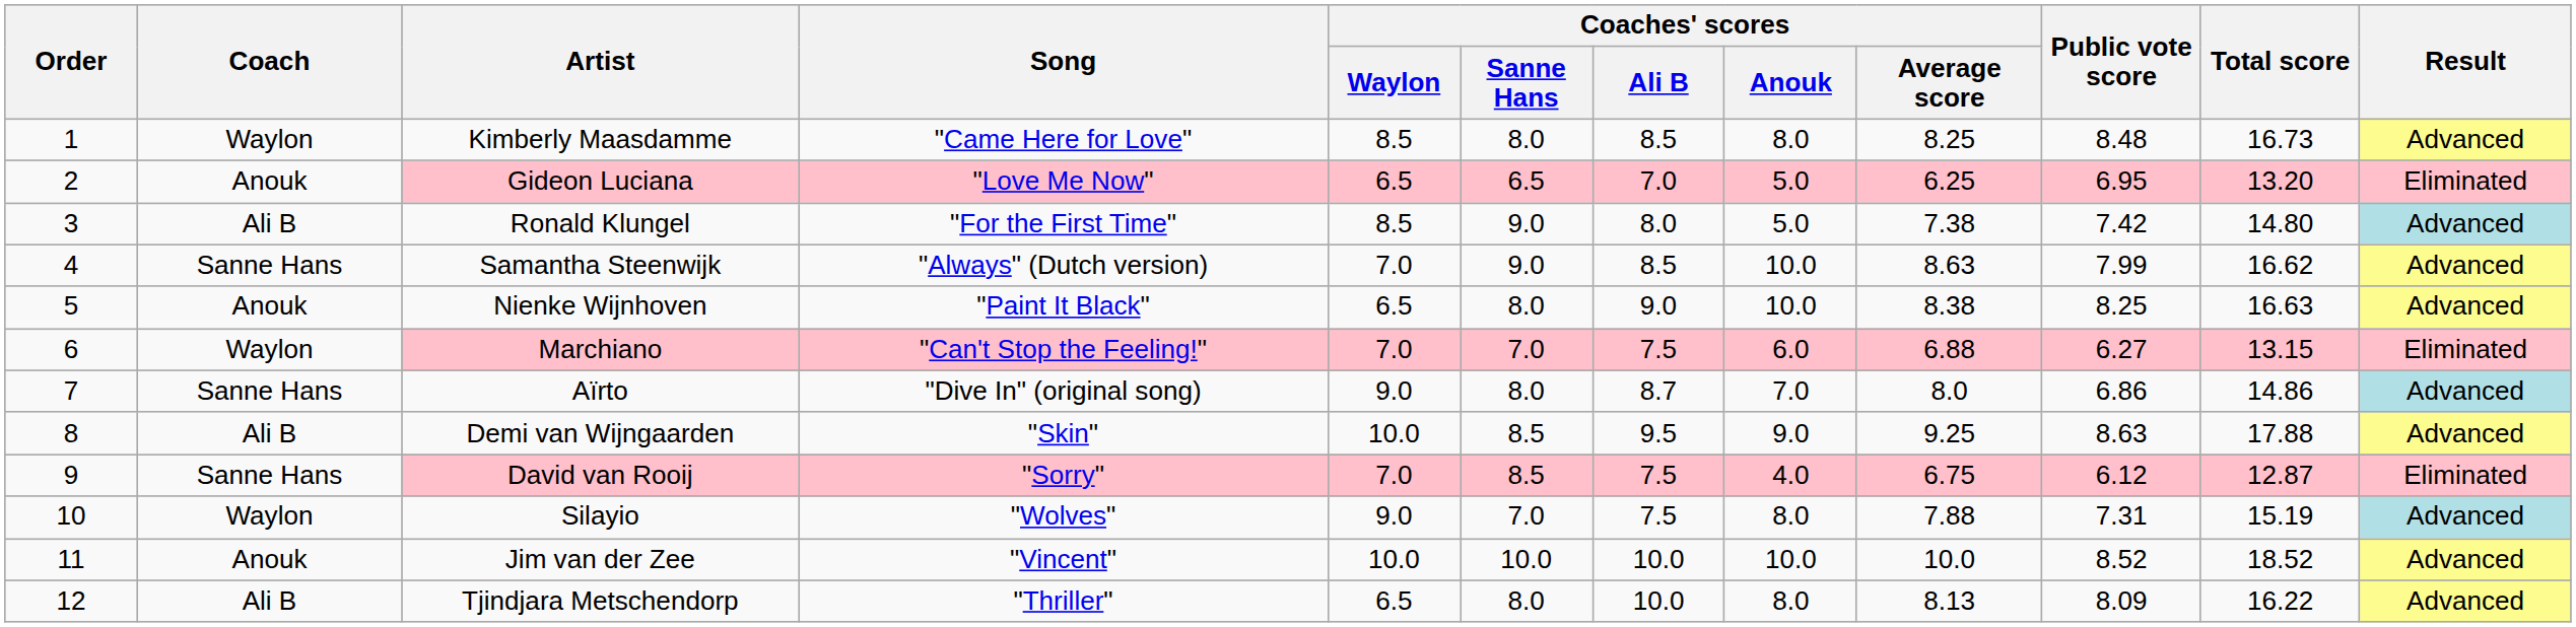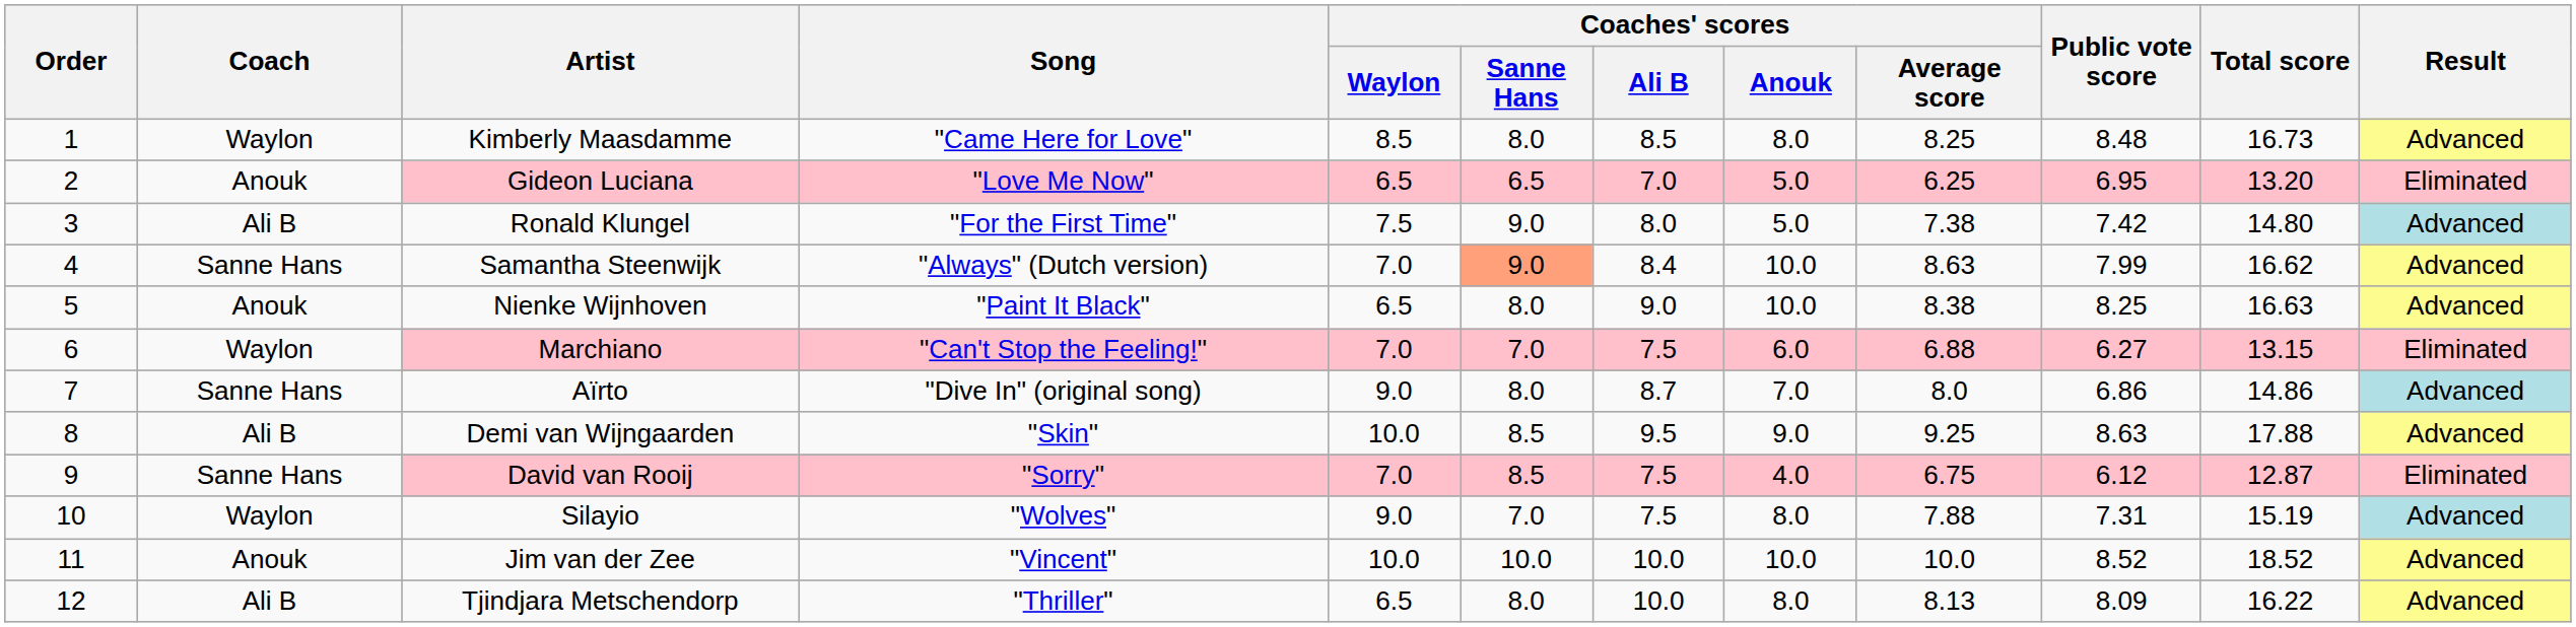 <table class="wikitable" style="text-align:center; width:98%;">
 <tr>
 <th scope="col" rowspan="2" style="width:05%;">Order</th>
 <th scope="col" rowspan="2" style="width:10%;">Coach</th>
 <th scope="col" rowspan="2" style="width:15%;">Artist</th>
 <th scope="col" rowspan="2" style="width:20%;">Song</th>
 <th scope="col" colspan="5" style="width:20%;">Coaches' scores</th>
 <th scope="col" rowspan="2" style="width:6%;">Public vote score</th>
 <th scope="col" rowspan="2" style="width:6%;">Total score</th>
 <th scope="col" rowspan="2" style="width:8%;">Result</th>
 </tr>
 <tr>
 <th style="width:5%;"><a href='#'>Waylon</a></th>
 <th style="width:5%;"><a href='#'>Sanne Hans</a></th>
 <th nowrap style="width:5%;"><a href='#'>Ali B</a></th>
 <th style="width:5%;"><a href='#'>Anouk</a></th>
 <th style="width:7%;">Average score</th>
 </tr>
 <tr>
 <td>1</td>
 <td>Waylon</td>
 <td>Kimberly Maasdamme</td>
 <td>"<a href='#'>Came Here for Love</a>"</td>
 <td>8.5</td>
 <td>8.0</td>
 <td>8.5</td>
 <td>8.0</td>
 <td>8.25</td>
 <td>8.48</td>
 <td>16.73</td>
 <td style="background:#fdfc8f;">Advanced</td>
 </tr>
 <tr>
 <td>2</td>
 <td>Anouk</td>
 <td style="background:pink;">Gideon Luciana</td>
 <td style="background:pink;">"<a href='#'>Love Me Now</a>"</td>
 <td style="background:pink;">6.5</td>
 <td style="background:pink;">6.5</td>
 <td style="background:pink;">7.0</td>
 <td style="background:pink;">5.0</td>
 <td style="background:pink;">6.25</td>
 <td style="background:pink;">6.95</td>
 <td style="background:pink;">13.20</td>
 <td style="background:pink;">Eliminated</td>
 </tr>
 <tr>
 <td>3</td>
 <td>Ali B</td>
 <td>Ronald Klungel</td>
 <td>"<a href='#'>For the First Time</a>"</td>
-<td>8.5</td>
+<td>7.5</td>
 <td>9.0</td>
 <td>8.0</td>
 <td>5.0</td>
 <td>7.38</td>
 <td>7.42</td>
 <td>14.80</td>
 <td style="background:#B0E0E6">Advanced</td>
 </tr>
 <tr>
 <td>4</td>
 <td>Sanne Hans</td>
 <td>Samantha Steenwijk</td>
 <td>"<a href='#'>Always</a>" (Dutch version)</td>
 <td>7.0</td>
-<td>9.0</td>
-<td>8.5</td>
+<td style="background: lightsalmon;">9.0</td>
+<td>8.4</td>
 <td>10.0</td>
 <td>8.63</td>
 <td>7.99</td>
 <td>16.62</td>
 <td style="background:#fdfc8f;">Advanced</td>
 </tr>
 <tr>
 <td>5</td>
 <td>Anouk</td>
 <td>Nienke Wijnhoven</td>
 <td>"<a href='#'>Paint It Black</a>"</td>
 <td>6.5</td>
 <td>8.0</td>
 <td>9.0</td>
 <td>10.0</td>
 <td>8.38</td>
 <td>8.25</td>
 <td>16.63</td>
 <td style="background:#fdfc8f;">Advanced</td>
 </tr>
 <tr>
 <td>6</td>
 <td>Waylon</td>
 <td style="background:pink;">Marchiano</td>
 <td style="background:pink;">"<a href='#'>Can't Stop the Feeling!</a>"</td>
 <td style="background:pink;">7.0</td>
 <td style="background:pink;">7.0</td>
 <td style="background:pink;">7.5</td>
 <td style="background:pink;">6.0</td>
 <td style="background:pink;">6.88</td>
 <td style="background:pink;">6.27</td>
 <td style="background:pink;">13.15</td>
 <td style="background:pink;">Eliminated</td>
 </tr>
 <tr>
 <td>7</td>
 <td>Sanne Hans</td>
 <td>Aïrto</td>
 <td>"Dive In" (original song)</td>
 <td>9.0</td>
 <td>8.0</td>
 <td>8.7</td>
 <td>7.0</td>
 <td>8.0</td>
 <td>6.86</td>
 <td>14.86</td>
 <td style="background:#B0E0E6">Advanced</td>
 </tr>
 <tr>
 <td>8</td>
 <td>Ali B</td>
 <td>Demi van Wijngaarden</td>
 <td>"<a href='#'>Skin</a>"</td>
 <td>10.0</td>
 <td>8.5</td>
 <td>9.5</td>
 <td>9.0</td>
 <td>9.25</td>
 <td>8.63</td>
 <td>17.88</td>
 <td style="background:#fdfc8f;">Advanced</td>
 </tr>
 <tr>
 <td>9</td>
 <td>Sanne Hans</td>
 <td style="background:pink;">David van Rooij</td>
 <td style="background:pink;">"<a href='#'>Sorry</a>"</td>
 <td style="background:pink;">7.0</td>
 <td style="background:pink;">8.5</td>
 <td style="background:pink;">7.5</td>
 <td style="background:pink;">4.0</td>
 <td style="background:pink;">6.75</td>
 <td style="background:pink;">6.12</td>
 <td style="background:pink;">12.87</td>
 <td style="background:pink;">Eliminated</td>
 </tr>
 <tr>
 <td>10</td>
 <td>Waylon</td>
 <td>Silayio</td>
 <td>"<a href='#'>Wolves</a>"</td>
 <td>9.0</td>
 <td>7.0</td>
 <td>7.5</td>
 <td>8.0</td>
 <td>7.88</td>
 <td>7.31</td>
 <td>15.19</td>
 <td style="background:#B0E0E6">Advanced</td>
 </tr>
 <tr>
 <td>11</td>
 <td>Anouk</td>
 <td>Jim van der Zee</td>
 <td>"<a href='#'>Vincent</a>"</td>
 <td>10.0</td>
 <td>10.0</td>
 <td>10.0</td>
 <td>10.0</td>
 <td>10.0</td>
 <td>8.52</td>
 <td>18.52</td>
 <td style="background:#fdfc8f;">Advanced</td>
 </tr>
 <tr>
 <td>12</td>
 <td>Ali B</td>
 <td>Tjindjara Metschendorp</td>
 <td>"<a href='#'>Thriller</a>"</td>
 <td>6.5</td>
 <td>8.0</td>
 <td>10.0</td>
 <td>8.0</td>
 <td>8.13</td>
 <td>8.09</td>
 <td>16.22</td>
 <td style="background:#fdfc8f;">Advanced</td>
 </tr>
 </table>
